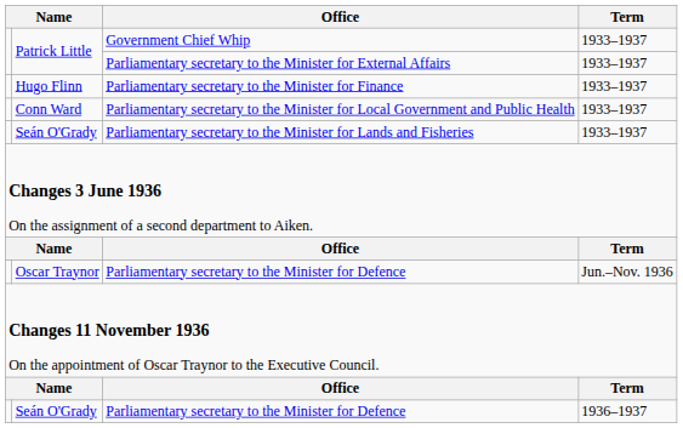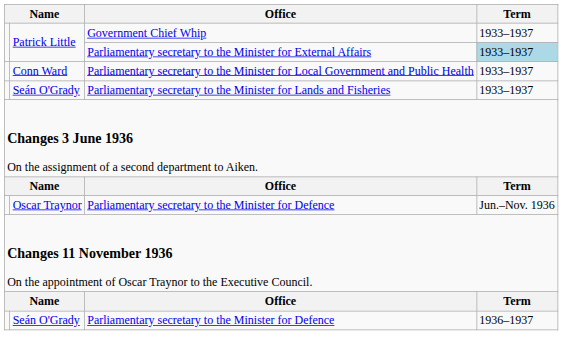 <table class="wikitable">
 <tr>
 <th colspan="2">Name</th>
 <th>Office</th>
 <th>Term</th>
 </tr>
 <tr>
 <td rowspan="2" style="background-color: "></td>
 <td rowspan="2"><a href='#'>Patrick Little</a></td>
 <td><a href='#'>Government Chief Whip</a></td>
 <td>1933–1937</td>
 </tr>
 <tr>
 <td><a href='#'>Parliamentary secretary to the Minister for External Affairs</a></td>
-<td>1933–1937</td>
-</tr>
-<tr>
-<td style="background-color: "></td>
-<td><a href='#'>Hugo Flinn</a></td>
-<td><a href='#'>Parliamentary secretary to the Minister for Finance</a></td>
-<td>1933–1937</td>
+<td style="background: lightblue;">1933–1937</td>
 </tr>
 <tr>
 <td style="background-color: "></td>
 <td><a href='#'>Conn Ward</a></td>
 <td><a href='#'>Parliamentary secretary to the Minister for Local Government and Public Health</a></td>
 <td>1933–1937</td>
 </tr>
 <tr>
 <td style="background-color: "></td>
 <td><a href='#'>Seán O'Grady</a></td>
 <td><a href='#'>Parliamentary secretary to the Minister for Lands and Fisheries</a></td>
 <td>1933–1937</td>
 </tr>
 <tr>
 <td colspan="4"><br><h3>Changes 3 June 1936</h3>On the assignment of a second department to Aiken.</td>
 </tr>
 <tr>
 <th colspan="2">Name</th>
 <th>Office</th>
 <th>Term</th>
 </tr>
 <tr>
 <td style="background-color: "></td>
 <td><a href='#'>Oscar Traynor</a></td>
 <td><a href='#'>Parliamentary secretary to the Minister for Defence</a></td>
 <td>Jun.–Nov. 1936</td>
 </tr>
 <tr>
 <td colspan="4"><br><h3>Changes 11 November 1936</h3>On the appointment of Oscar Traynor to the Executive Council.</td>
 </tr>
 <tr>
 <th colspan="2">Name</th>
 <th>Office</th>
 <th>Term</th>
 </tr>
 <tr>
 <td style="background-color: "></td>
 <td><a href='#'>Seán O'Grady</a></td>
 <td><a href='#'>Parliamentary secretary to the Minister for Defence</a></td>
 <td>1936–1937</td>
 </tr>
 </table>
